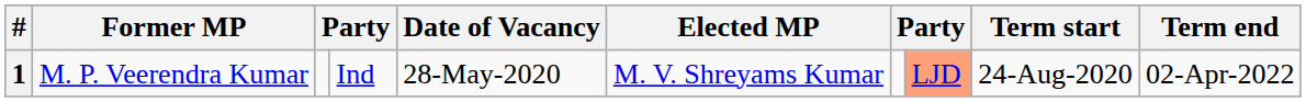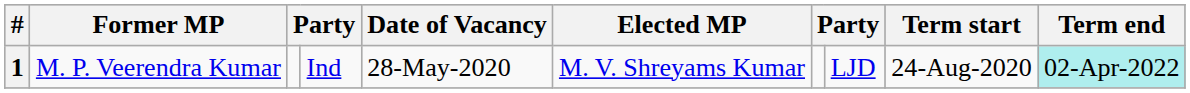 <table class="wikitable sortable">
 <tr>
 <th>#</th>
 <th>Former MP</th>
 <th colspan="2">Party</th>
 <th>Date of Vacancy</th>
 <th>Elected MP</th>
 <th colspan="2">Party</th>
 <th>Term start</th>
 <th>Term end</th>
 </tr>
 <tr>
 <th>1</th>
 <td><a href='#'>M. P. Veerendra Kumar</a></td>
 <td width="1px"></td>
 <td><a href='#'>Ind</a></td>
 <td>28-May-2020</td>
 <td><a href='#'>M. V. Shreyams Kumar</a></td>
 <td width="1px"></td>
-<td style="background: lightsalmon;"><a href='#'>LJD</a></td>
+<td><a href='#'>LJD</a></td>
 <td>24-Aug-2020</td>
-<td>02-Apr-2022</td>
+<td style="background: paleturquoise;">02-Apr-2022</td>
 </tr>
 </table>
